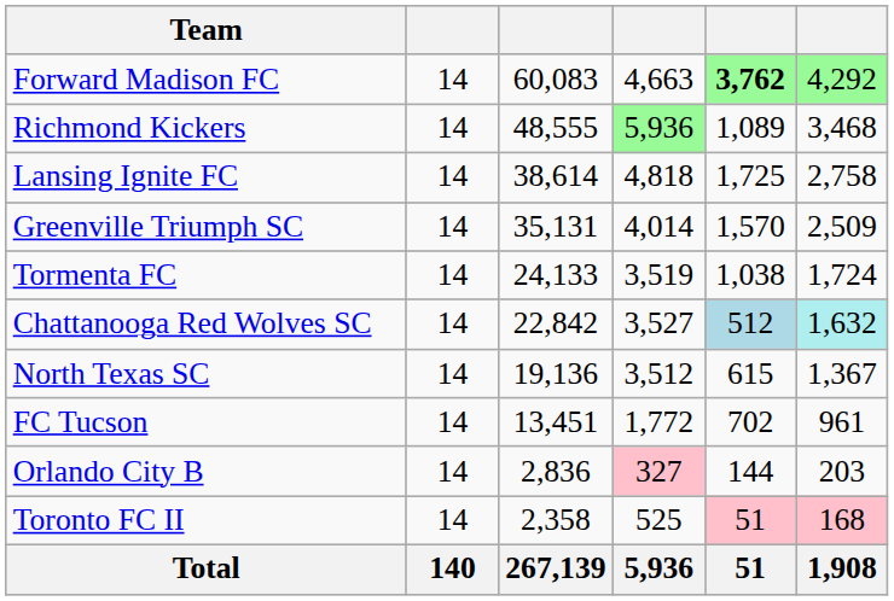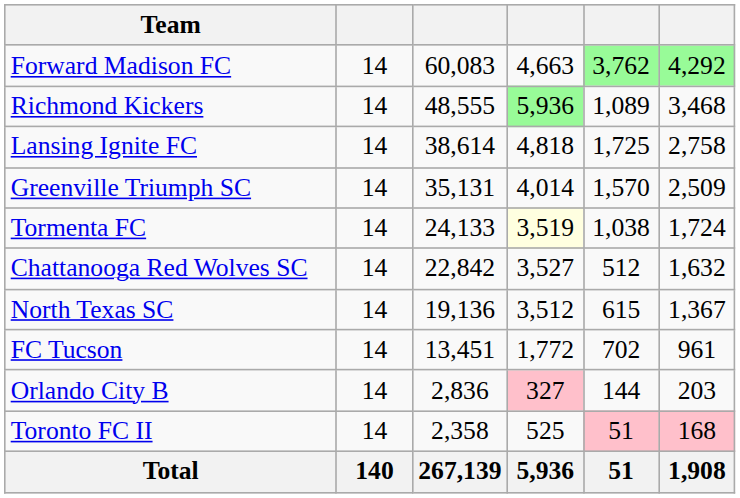 <table class="wikitable sortable">
 <tr>
 <th width=200>Team</th>
 <th width=40></th>
 <th width=40></th>
 <th width=40></th>
 <th width=40></th>
 <th width=40></th>
 </tr>
 <tr align=center>
 <td align=left><a href='#'>Forward Madison FC</a></td>
 <td>14</td>
 <td>60,083</td>
 <td>4,663</td>
-<td bgcolor="#98fb98"><strong>3,762</strong></td>
+<td bgcolor="#98fb98">3,762</td>
 <td bgcolor="#98fb98">4,292</td>
 </tr>
 <tr align=center>
 <td align=left><a href='#'>Richmond Kickers</a></td>
 <td>14</td>
 <td>48,555</td>
 <td bgcolor="#98fb98">5,936</td>
 <td>1,089</td>
 <td>3,468</td>
 </tr>
 <tr align=center>
 <td align=left><a href='#'>Lansing Ignite FC</a></td>
 <td>14</td>
 <td>38,614</td>
 <td>4,818</td>
 <td>1,725</td>
 <td>2,758</td>
 </tr>
 <tr align=center>
 <td align=left><a href='#'>Greenville Triumph SC</a></td>
 <td>14</td>
 <td>35,131</td>
 <td>4,014</td>
 <td>1,570</td>
 <td>2,509</td>
 </tr>
 <tr align=center>
 <td align=left><a href='#'>Tormenta FC</a></td>
 <td>14</td>
 <td>24,133</td>
-<td>3,519</td>
+<td style="background: lightyellow;">3,519</td>
 <td>1,038</td>
 <td>1,724</td>
 </tr>
 <tr align=center>
 <td align=left><a href='#'>Chattanooga Red Wolves SC</a></td>
 <td>14</td>
 <td>22,842</td>
 <td>3,527</td>
-<td style="background: lightblue;">512</td>
-<td style="background: paleturquoise;">1,632</td>
+<td>512</td>
+<td>1,632</td>
 </tr>
 <tr align=center>
 <td align=left><a href='#'>North Texas SC</a></td>
 <td>14</td>
 <td>19,136</td>
 <td>3,512</td>
 <td>615</td>
 <td>1,367</td>
 </tr>
 <tr align=center>
 <td align=left><a href='#'>FC Tucson</a></td>
 <td>14</td>
 <td>13,451</td>
 <td>1,772</td>
 <td>702</td>
 <td>961</td>
 </tr>
 <tr align=center>
 <td align=left><a href='#'>Orlando City B</a></td>
 <td>14</td>
 <td>2,836</td>
 <td bgcolor="#ffc0cb">327</td>
 <td>144</td>
 <td>203</td>
 </tr>
 <tr align=center>
 <td align=left><a href='#'>Toronto FC II</a></td>
 <td>14</td>
 <td>2,358</td>
 <td>525</td>
 <td bgcolor="#ffc0cb">51</td>
 <td bgcolor="#ffc0cb">168</td>
 </tr>
 <tr align=center>
 <th align=left>Total</th>
 <th>140</th>
 <th>267,139</th>
 <th>5,936</th>
 <th>51</th>
 <th>1,908</th>
 </tr>
 </table>
